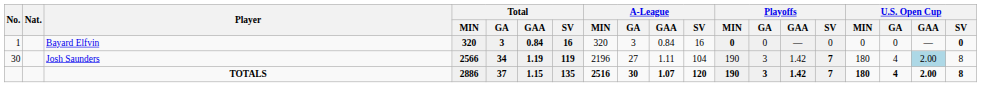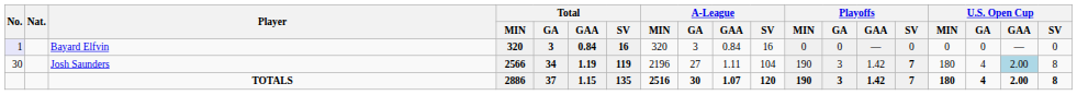 <table class="wikitable" style="font-size:95%; text-align:center;">
 <tr>
 <th rowspan="2" width="1%">No.</th>
 <th rowspan="2" width="1%">Nat.</th>
 <th rowspan="2" width="42%">Player</th>
 <th colspan="4">Total</th>
 <th colspan="4"><a href='#'>A-League</a></th>
 <th colspan="4"><a href='#'>Playoffs</a></th>
 <th colspan="4"><a href='#'>U.S. Open Cup</a></th>
 </tr>
 <tr>
 <th width=60>MIN</th>
 <th width=60>GA</th>
 <th width=60>GAA</th>
 <th width=60>SV</th>
 <th width=60>MIN</th>
 <th width=60>GA</th>
 <th width=60>GAA</th>
 <th width=60>SV</th>
 <th width=60>MIN</th>
 <th width=60>GA</th>
 <th width=60>GAA</th>
 <th width=60>SV</th>
 <th width=60>MIN</th>
 <th width=60>GA</th>
 <th width=60>GAA</th>
 <th width=60>SV</th>
 </tr>
 <tr>
-<td style="text-align: right;">1</td>
+<td style="background: lavender; text-align: right;">1</td>
 <td></td>
 <td style="text-align: left;"><a href='#'>Bayard Elfvin</a></td>
 <td style="background: #F0F0F0;"><strong>320</strong></td>
 <td style="background: #F0F0F0;"><strong>3</strong></td>
 <td style="background: #F0F0F0;"><strong>0.84</strong></td>
 <td style="background: #F0F0F0;"><strong>16</strong></td>
 <td>320</td>
 <td>3</td>
 <td>0.84</td>
 <td>16</td>
-<td style="background: #F0F0F0;"><strong>0</strong></td>
+<td style="background: #F0F0F0;">0</td>
 <td style="background: #F0F0F0;">0</td>
 <td style="background: #F0F0F0;">—</td>
 <td style="background: #F0F0F0;">0</td>
 <td>0</td>
 <td>0</td>
 <td>—</td>
-<td><strong>0</strong></td>
+<td>0</td>
 </tr>
 <tr>
 <td style="text-align: right;">30</td>
 <td></td>
 <td style="text-align: left;"><a href='#'>Josh Saunders</a></td>
 <td style="background: #F0F0F0;"><strong>2566</strong></td>
 <td style="background: #F0F0F0;"><strong>34</strong></td>
 <td style="background: #F0F0F0;"><strong>1.19</strong></td>
 <td style="background: #F0F0F0;"><strong>119</strong></td>
 <td>2196</td>
 <td>27</td>
 <td>1.11</td>
 <td>104</td>
 <td style="background: #F0F0F0;">190</td>
 <td style="background: #F0F0F0;">3</td>
 <td style="background: #F0F0F0;">1.42</td>
 <td style="background: #F0F0F0;"><strong>7</strong></td>
 <td>180</td>
 <td>4</td>
 <td style="background: lightblue;">2.00</td>
 <td>8</td>
 </tr>
 <tr>
 <td></td>
 <td></td>
 <td><strong>TOTALS</strong></td>
 <td style="background: #F0F0F0;"><strong>2886</strong></td>
 <td style="background: #F0F0F0;"><strong>37</strong></td>
 <td style="background: #F0F0F0;"><strong>1.15</strong></td>
 <td style="background: #F0F0F0;"><strong>135</strong></td>
 <td><strong>2516</strong></td>
 <td><strong>30</strong></td>
 <td><strong>1.07</strong></td>
 <td><strong>120</strong></td>
 <td style="background: #F0F0F0;"><strong>190</strong></td>
 <td style="background: #F0F0F0;"><strong>3</strong></td>
 <td style="background: #F0F0F0;"><strong>1.42</strong></td>
 <td style="background: #F0F0F0;"><strong>7</strong></td>
 <td><strong>180</strong></td>
 <td><strong>4</strong></td>
 <td><strong>2.00</strong></td>
 <td><strong>8</strong></td>
 </tr>
 </table>
